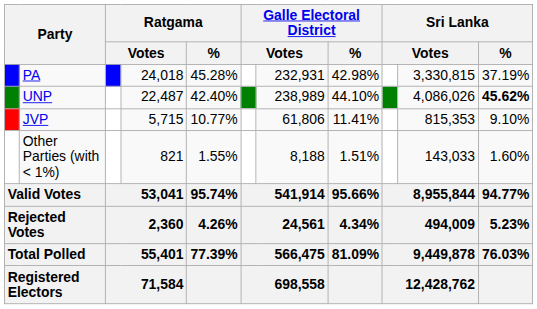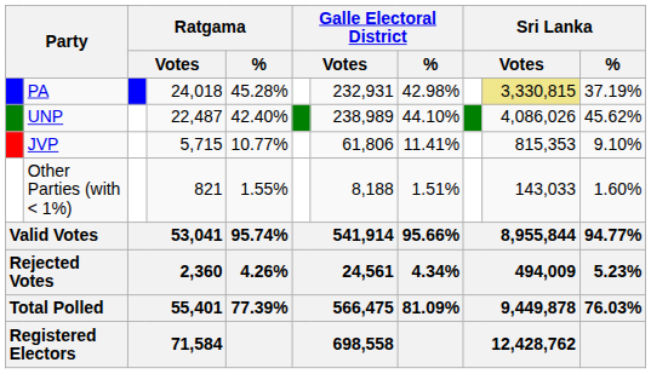 <table class="wikitable">
 <tr>
 <th colspan="2" width="144px"rowspan="2">Party</th>
 <th colspan="3" width="216px">Ratgama</th>
 <th colspan="3" width="216px"><a href='#'>Galle Electoral District</a></th>
 <th colspan="3" width="216px">Sri Lanka</th>
 </tr>
 <tr>
 <th colspan="2" width="144px">Votes</th>
 <th>%</th>
 <th colspan="2" width="144px">Votes</th>
 <th>%</th>
 <th colspan="2" width="144px">Votes</th>
 <th>%</th>
 </tr>
 <tr>
 <td style="background-color:blue;" width="10px"></td>
 <td style="text-align:left;"><a href='#'>PA</a></td>
 <td style="background-color:blue;" width="10px"></td>
 <td style="text-align:right;">24,018</td>
 <td style="text-align:right;">45.28%</td>
 <td style="background-color:white;" width="10px"></td>
 <td style="text-align:right;">232,931</td>
 <td style="text-align:right;">42.98%</td>
 <td style="background-color:white;" width="10px"></td>
-<td style="text-align:right;">3,330,815</td>
+<td style="background: khaki; text-align:right;">3,330,815</td>
 <td style="text-align:right;">37.19%</td>
 </tr>
 <tr>
 <td style="background-color:green;" width="10px"></td>
 <td style="text-align:left;"><a href='#'>UNP</a></td>
 <td style="background-color:white;" width="10px"></td>
 <td style="text-align:right;">22,487</td>
 <td style="text-align:right;">42.40%</td>
 <td style="background-color:green;" width="10px"></td>
 <td style="text-align:right;">238,989</td>
 <td style="text-align:right;">44.10%</td>
 <td style="background-color:green;" width="10px"></td>
 <td style="text-align:right;">4,086,026</td>
-<td style="text-align:right;"><strong>45.62%</strong></td>
+<td style="text-align:right;">45.62%</td>
 </tr>
 <tr>
 <td style="background-color:red;" width="10px"></td>
 <td style="text-align:left;"><a href='#'>JVP</a></td>
 <td style="background-color:white;" width="10px"></td>
 <td style="text-align:right;">5,715</td>
 <td style="text-align:right;">10.77%</td>
 <td style="background-color:white;" width="10px"></td>
 <td style="text-align:right;">61,806</td>
 <td style="text-align:right;">11.41%</td>
 <td style="background-color:white;" width="10px"></td>
 <td style="text-align:right;">815,353</td>
 <td style="text-align:right;">9.10%</td>
 </tr>
 <tr>
 <td style="background-color:white;" width="10px"></td>
 <td style="text-align:left;">Other Parties (with < 1%)</td>
 <td style="background-color:white;" width="10px"></td>
 <td style="text-align:right;">821</td>
 <td style="text-align:right;">1.55%</td>
 <td style="background-color:white;" width="10px"></td>
 <td style="text-align:right;">8,188</td>
 <td style="text-align:right;">1.51%</td>
 <td style="background-color:white;" width="10px"></td>
 <td style="text-align:right;">143,033</td>
 <td style="text-align:right;">1.60%</td>
 </tr>
 <tr>
 <th colspan="2" width="144px"style="text-align:left;">Valid Votes</th>
 <th style="text-align:right;"colspan="2" width="144px">53,041</th>
 <th style="text-align:right;">95.74%</th>
 <th style="text-align:right;"colspan="2" width="144px">541,914</th>
 <th style="text-align:right;">95.66%</th>
 <th style="text-align:right;"colspan="2" width="144px">8,955,844</th>
 <th style="text-align:right;">94.77%</th>
 </tr>
 <tr>
 <th colspan="2" width="144px"style="text-align:left;">Rejected Votes</th>
 <th style="text-align:right;"colspan="2" width="144px">2,360</th>
 <th style="text-align:right;">4.26%</th>
 <th style="text-align:right;"colspan="2" width="144px">24,561</th>
 <th style="text-align:right;">4.34%</th>
 <th style="text-align:right;"colspan="2" width="144px">494,009</th>
 <th style="text-align:right;">5.23%</th>
 </tr>
 <tr>
 <th colspan="2" width="144px"style="text-align:left;">Total Polled</th>
 <th style="text-align:right;"colspan="2" width="144px">55,401</th>
 <th style="text-align:right;">77.39%</th>
 <th style="text-align:right;"colspan="2" width="144px">566,475</th>
 <th style="text-align:right;">81.09%</th>
 <th style="text-align:right;"colspan="2" width="144px">9,449,878</th>
 <th style="text-align:right;">76.03%</th>
 </tr>
 <tr>
 <th colspan="2" width="144px"style="text-align:left;">Registered Electors</th>
 <th style="text-align:right;"colspan="2" width="144px">71,584</th>
 <th></th>
 <th style="text-align:right;"colspan="2" width="144px">698,558</th>
 <th></th>
 <th style="text-align:right;"colspan="2" width="144px">12,428,762</th>
 <th></th>
 </tr>
 </table>
